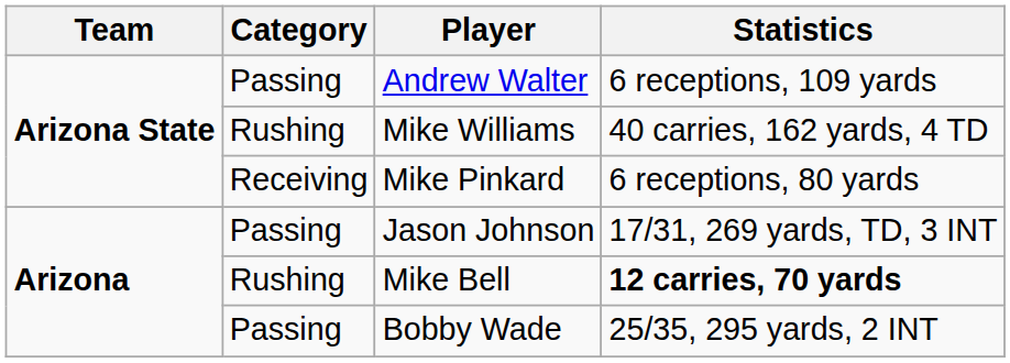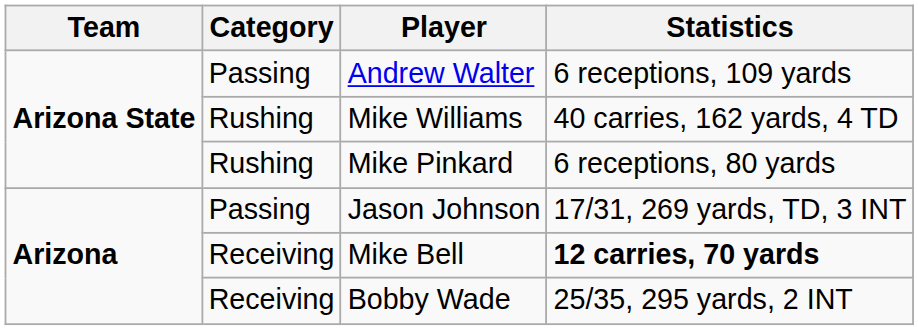 <table class="wikitable" style="float: right;">
 <tr>
 <th>Team</th>
 <th>Category</th>
 <th>Player</th>
 <th>Statistics</th>
 </tr>
 <tr>
 <td rowspan=3><strong>Arizona State</strong></td>
 <td>Passing</td>
 <td><a href='#'>Andrew Walter</a></td>
 <td>6 receptions, 109 yards</td>
 </tr>
 <tr>
 <td>Rushing</td>
 <td>Mike Williams</td>
 <td>40 carries, 162 yards, 4 TD</td>
 </tr>
 <tr>
-<td>Receiving</td>
+<td>Rushing</td>
 <td>Mike Pinkard</td>
 <td>6 receptions, 80 yards</td>
 </tr>
 <tr>
 <td rowspan=3><strong>Arizona</strong></td>
 <td>Passing</td>
 <td>Jason Johnson</td>
 <td>17/31, 269 yards, TD, 3 INT</td>
 </tr>
 <tr>
-<td>Rushing</td>
+<td>Receiving</td>
 <td>Mike Bell</td>
 <td><strong>12 carries, 70 yards</strong></td>
 </tr>
 <tr>
-<td>Passing</td>
+<td>Receiving</td>
 <td>Bobby Wade</td>
 <td>25/35, 295 yards, 2 INT</td>
 </tr>
 </table>
